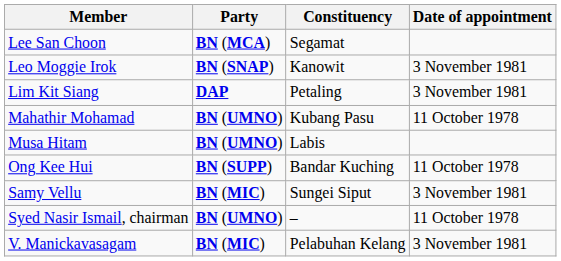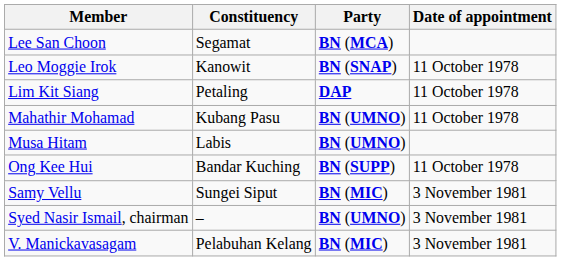 <table class=wikitable>
 <tr>
 <th>Member</th>
+<th>Constituency</th>
 <th>Party</th>
-<th>Constituency</th>
 <th>Date of appointment</th>
 </tr>
 <tr>
 <td><a href='#'>Lee San Choon</a></td>
+<td>Segamat</td>
 <td><strong><a href='#'>BN</a></strong> (<strong><a href='#'>MCA</a></strong>)</td>
-<td>Segamat</td>
 <td></td>
 </tr>
 <tr>
 <td><a href='#'>Leo Moggie Irok</a></td>
+<td>Kanowit</td>
 <td><strong><a href='#'>BN</a></strong> (<strong><a href='#'>SNAP</a></strong>)</td>
-<td>Kanowit</td>
-<td>3 November 1981</td>
+<td>11 October 1978</td>
 </tr>
 <tr>
 <td><a href='#'>Lim Kit Siang</a></td>
+<td>Petaling</td>
 <td><strong><a href='#'>DAP</a></strong></td>
-<td>Petaling</td>
-<td>3 November 1981</td>
+<td>11 October 1978</td>
 </tr>
 <tr>
 <td><a href='#'>Mahathir Mohamad</a></td>
+<td>Kubang Pasu</td>
 <td><strong><a href='#'>BN</a></strong> (<strong><a href='#'>UMNO</a></strong>)</td>
-<td>Kubang Pasu</td>
 <td>11 October 1978</td>
 </tr>
 <tr>
 <td><a href='#'>Musa Hitam</a></td>
+<td>Labis</td>
 <td><strong><a href='#'>BN</a></strong> (<strong><a href='#'>UMNO</a></strong>)</td>
-<td>Labis</td>
 <td></td>
 </tr>
 <tr>
 <td><a href='#'>Ong Kee Hui</a></td>
+<td>Bandar Kuching</td>
 <td><strong><a href='#'>BN</a></strong> (<strong><a href='#'>SUPP</a></strong>)</td>
-<td>Bandar Kuching</td>
 <td>11 October 1978</td>
 </tr>
 <tr>
 <td><a href='#'>Samy Vellu</a></td>
+<td>Sungei Siput</td>
 <td><strong><a href='#'>BN</a></strong> (<strong><a href='#'>MIC</a></strong>)</td>
-<td>Sungei Siput</td>
 <td>3 November 1981</td>
 </tr>
 <tr>
 <td><a href='#'>Syed Nasir Ismail</a>, chairman</td>
+<td>–</td>
 <td><strong><a href='#'>BN</a></strong> (<strong><a href='#'>UMNO</a></strong>)</td>
-<td>–</td>
-<td>11 October 1978</td>
+<td>3 November 1981</td>
 </tr>
 <tr>
 <td><a href='#'>V. Manickavasagam</a></td>
+<td>Pelabuhan Kelang</td>
 <td><strong><a href='#'>BN</a></strong> (<strong><a href='#'>MIC</a></strong>)</td>
-<td>Pelabuhan Kelang</td>
 <td>3 November 1981</td>
 </tr>
 </table>
